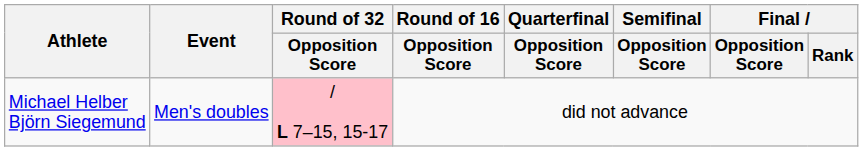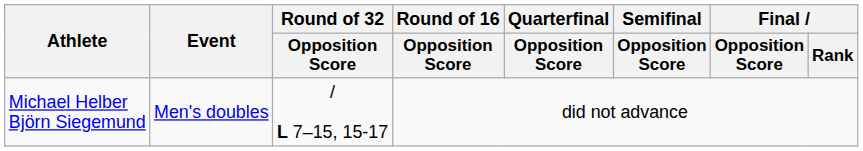 <table class=wikitable style="font-size:90%">
 <tr>
 <th rowspan="2">Athlete</th>
 <th rowspan="2">Event</th>
 <th>Round of 32</th>
 <th>Round of 16</th>
 <th>Quarterfinal</th>
 <th>Semifinal</th>
 <th colspan=2>Final / </th>
 </tr>
 <tr style="font-size:95%">
 <th>Opposition<br>Score</th>
 <th>Opposition<br>Score</th>
 <th>Opposition<br>Score</th>
 <th>Opposition<br>Score</th>
 <th>Opposition<br>Score</th>
 <th>Rank</th>
 </tr>
 <tr>
 <td align=left><a href='#'>Michael Helber</a><br> <a href='#'>Björn Siegemund</a></td>
 <td align=left><a href='#'>Men's doubles</a></td>
-<td align=center style="background: pink;"> /<br><br> <strong>L</strong> 7–15, 15-17</td>
+<td align=center> /<br><br> <strong>L</strong> 7–15, 15-17</td>
 <td align=center colspan=5>did not advance</td>
 </tr>
 </table>
